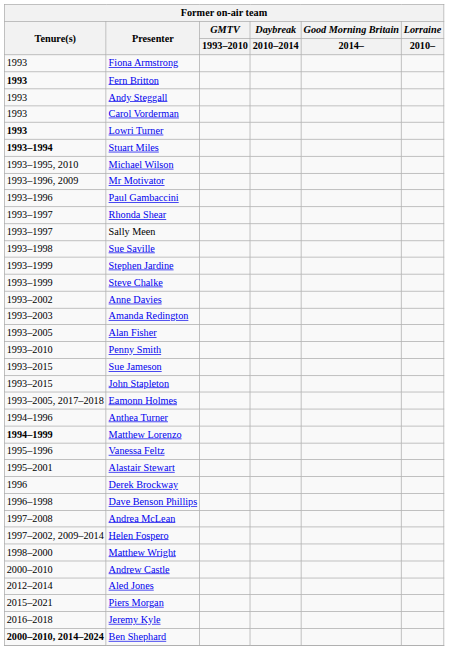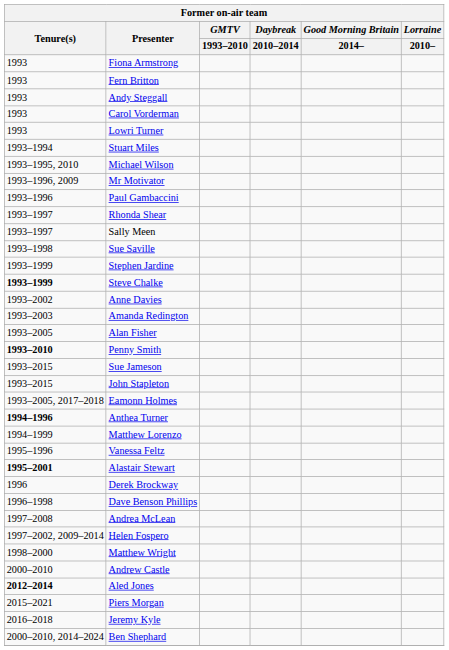 <table class="wikitable" style=font-size:90%;">
 <tr>
 <th colspan=8>Former on-air team</th>
 </tr>
 <tr>
 <th rowspan=2>Tenure(s)</th>
 <th rowspan=2>Presenter</th>
 <th><em>GMTV</em></th>
 <th><em>Daybreak</em></th>
 <th><em>Good Morning Britain</em></th>
 <th><em>Lorraine</em></th>
 </tr>
 <tr>
 <th>1993–2010</th>
 <th>2010–2014</th>
 <th>2014–</th>
 <th>2010–</th>
 </tr>
 <tr>
 <td>1993</td>
 <td><a href='#'>Fiona Armstrong</a></td>
 <td></td>
 <td></td>
 <td></td>
 <td></td>
 </tr>
 <tr>
-<td><strong>1993</strong></td>
+<td>1993</td>
 <td><a href='#'>Fern Britton</a></td>
 <td></td>
 <td></td>
 <td></td>
 <td></td>
 </tr>
 <tr>
 <td>1993</td>
 <td><a href='#'>Andy Steggall</a></td>
 <td></td>
 <td></td>
 <td></td>
 <td></td>
 </tr>
 <tr>
 <td>1993</td>
 <td><a href='#'>Carol Vorderman</a></td>
 <td></td>
 <td></td>
 <td></td>
 <td></td>
 </tr>
 <tr>
-<td><strong>1993</strong></td>
+<td>1993</td>
 <td><a href='#'>Lowri Turner</a></td>
 <td></td>
 <td></td>
 <td></td>
 <td></td>
 </tr>
 <tr>
-<td><strong>1993–1994</strong></td>
+<td>1993–1994</td>
 <td><a href='#'>Stuart Miles</a></td>
 <td></td>
 <td></td>
 <td></td>
 <td></td>
 </tr>
 <tr>
 <td>1993–1995, 2010</td>
 <td><a href='#'>Michael Wilson</a></td>
 <td></td>
 <td></td>
 <td></td>
 <td></td>
 </tr>
 <tr>
 <td>1993–1996, 2009</td>
 <td><a href='#'>Mr Motivator</a></td>
 <td></td>
 <td></td>
 <td></td>
 <td></td>
 </tr>
 <tr>
 <td>1993–1996</td>
 <td><a href='#'>Paul Gambaccini</a></td>
 <td></td>
 <td></td>
 <td></td>
 <td></td>
 </tr>
 <tr>
 <td>1993–1997</td>
 <td><a href='#'>Rhonda Shear</a></td>
 <td></td>
 <td></td>
 <td></td>
 <td></td>
 </tr>
 <tr>
 <td>1993–1997</td>
 <td>Sally Meen</td>
 <td></td>
 <td></td>
 <td></td>
 <td></td>
 </tr>
 <tr>
 <td>1993–1998</td>
 <td><a href='#'>Sue Saville</a></td>
 <td></td>
 <td></td>
 <td></td>
 <td></td>
 </tr>
 <tr>
 <td>1993–1999</td>
 <td><a href='#'>Stephen Jardine</a></td>
 <td></td>
 <td></td>
 <td></td>
 <td></td>
 </tr>
 <tr>
-<td>1993–1999</td>
+<td><strong>1993–1999</strong></td>
 <td><a href='#'>Steve Chalke</a></td>
 <td></td>
 <td></td>
 <td></td>
 <td></td>
 </tr>
 <tr>
 <td>1993–2002</td>
 <td><a href='#'>Anne Davies</a></td>
 <td></td>
 <td></td>
 <td></td>
 <td></td>
 </tr>
 <tr>
 <td>1993–2003</td>
 <td><a href='#'>Amanda Redington</a></td>
 <td></td>
 <td></td>
 <td></td>
 <td></td>
 </tr>
 <tr>
 <td>1993–2005</td>
 <td><a href='#'>Alan Fisher</a></td>
 <td></td>
 <td></td>
 <td></td>
 <td></td>
 </tr>
 <tr>
-<td>1993–2010</td>
+<td><strong>1993–2010</strong></td>
 <td><a href='#'>Penny Smith</a></td>
 <td></td>
 <td></td>
 <td></td>
 <td></td>
 </tr>
 <tr>
 <td>1993–2015</td>
 <td><a href='#'>Sue Jameson</a></td>
 <td></td>
 <td></td>
 <td></td>
 <td></td>
 </tr>
 <tr>
 <td>1993–2015</td>
 <td><a href='#'>John Stapleton</a></td>
 <td></td>
 <td></td>
 <td></td>
 <td></td>
 </tr>
 <tr>
 <td>1993–2005, 2017–2018</td>
 <td><a href='#'>Eamonn Holmes</a></td>
 <td></td>
 <td></td>
 <td></td>
 <td></td>
 </tr>
 <tr>
-<td>1994–1996</td>
+<td><strong>1994–1996</strong></td>
 <td><a href='#'>Anthea Turner</a></td>
 <td></td>
 <td></td>
 <td></td>
 <td></td>
 </tr>
 <tr>
-<td><strong>1994–1999</strong></td>
+<td>1994–1999</td>
 <td><a href='#'>Matthew Lorenzo</a></td>
 <td></td>
 <td></td>
 <td></td>
 <td></td>
 </tr>
 <tr>
 <td>1995–1996</td>
 <td><a href='#'>Vanessa Feltz</a></td>
 <td></td>
 <td></td>
 <td></td>
 <td></td>
 </tr>
 <tr>
-<td>1995–2001</td>
+<td><strong>1995–2001</strong></td>
 <td><a href='#'>Alastair Stewart</a></td>
 <td></td>
 <td></td>
 <td></td>
 <td></td>
 </tr>
 <tr>
 <td>1996</td>
 <td><a href='#'>Derek Brockway</a></td>
 <td></td>
 <td></td>
 <td></td>
 <td></td>
 </tr>
 <tr>
 <td>1996–1998</td>
 <td><a href='#'>Dave Benson Phillips</a></td>
 <td></td>
 <td></td>
 <td></td>
 <td></td>
 </tr>
 <tr>
 <td>1997–2008</td>
 <td><a href='#'>Andrea McLean</a></td>
 <td></td>
 <td></td>
 <td></td>
 <td></td>
 </tr>
 <tr>
 <td>1997–2002, 2009–2014</td>
 <td><a href='#'>Helen Fospero</a></td>
 <td></td>
 <td></td>
 <td></td>
 <td></td>
 </tr>
 <tr>
 <td>1998–2000</td>
 <td><a href='#'>Matthew Wright</a></td>
 <td></td>
 <td></td>
 <td></td>
 <td></td>
 </tr>
 <tr>
 <td>2000–2010</td>
 <td><a href='#'>Andrew Castle</a></td>
 <td></td>
 <td></td>
 <td></td>
 <td></td>
 </tr>
 <tr>
-<td>2012–2014</td>
+<td><strong>2012–2014</strong></td>
 <td><a href='#'>Aled Jones</a></td>
 <td></td>
 <td></td>
 <td></td>
 <td></td>
 </tr>
 <tr>
 <td>2015–2021</td>
 <td><a href='#'>Piers Morgan</a></td>
 <td></td>
 <td></td>
 <td></td>
 <td></td>
 </tr>
 <tr>
 <td>2016–2018</td>
 <td><a href='#'>Jeremy Kyle</a></td>
 <td></td>
 <td></td>
 <td></td>
 <td></td>
 </tr>
 <tr>
-<td><strong>2000–2010, 2014–2024</strong></td>
+<td>2000–2010, 2014–2024</td>
 <td><a href='#'>Ben Shephard</a></td>
 <td></td>
 <td></td>
 <td></td>
 <td></td>
 </tr>
 <tr>
 </tr>
 </table>
